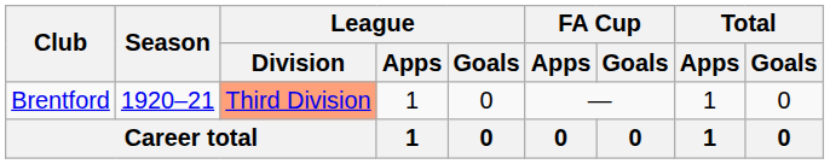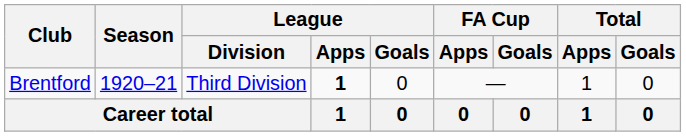 <table class="wikitable" style="text-align: center;">
 <tr>
 <th rowspan="2">Club</th>
 <th rowspan="2">Season</th>
 <th colspan="3">League</th>
 <th colspan="2">FA Cup</th>
 <th colspan="2">Total</th>
 </tr>
 <tr>
 <th>Division</th>
 <th>Apps</th>
 <th>Goals</th>
 <th>Apps</th>
 <th>Goals</th>
 <th>Apps</th>
 <th>Goals</th>
 </tr>
 <tr>
 <td><a href='#'>Brentford</a></td>
 <td><a href='#'>1920–21</a></td>
-<td style="background: lightsalmon;"><a href='#'>Third Division</a></td>
-<td>1</td>
+<td><a href='#'>Third Division</a></td>
+<td><strong>1</strong></td>
 <td>0</td>
 <td colspan="2">—</td>
 <td>1</td>
 <td>0</td>
 </tr>
 <tr>
 <th colspan="3">Career total</th>
 <th>1</th>
 <th>0</th>
 <th>0</th>
 <th>0</th>
 <th>1</th>
 <th>0</th>
 </tr>
 </table>
